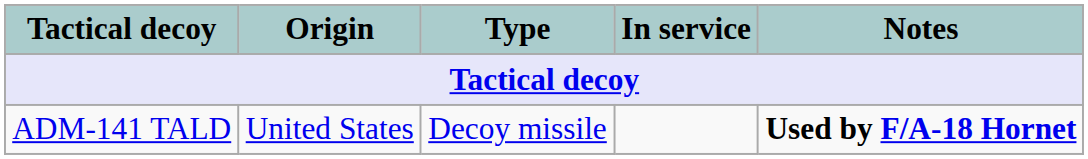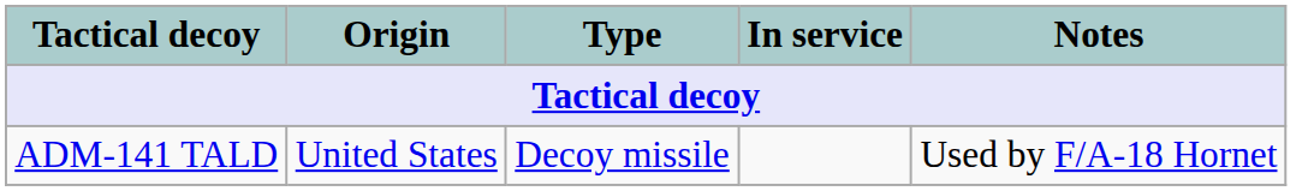 <table class="wikitable">
 <tr>
 <th style="text-align:center; background:#acc;">Tactical decoy</th>
 <th style="text-align: center; background:#acc;">Origin</th>
 <th style="text-align:l center; background:#acc;">Type</th>
 <th style="text-align:l center; background:#acc;">In service</th>
 <th style="text-align: center; background:#acc;">Notes</th>
 </tr>
 <tr>
 <th colspan="5" style="align: center; background: lavender;"><a href='#'>Tactical decoy</a></th>
 </tr>
 <tr>
 <td><a href='#'>ADM-141 TALD</a></td>
 <td><a href='#'>United States</a></td>
 <td><a href='#'>Decoy missile</a></td>
 <td></td>
-<td><strong>Used by <a href='#'>F/A-18 Hornet</a></strong></td>
+<td>Used by <a href='#'>F/A-18 Hornet</a></td>
 </tr>
 </table>
